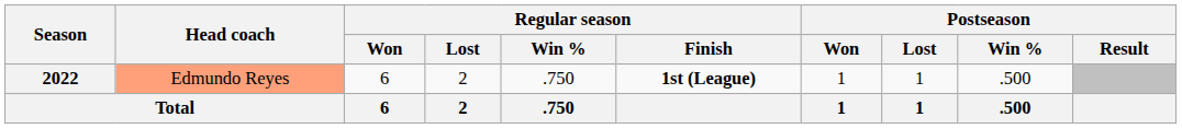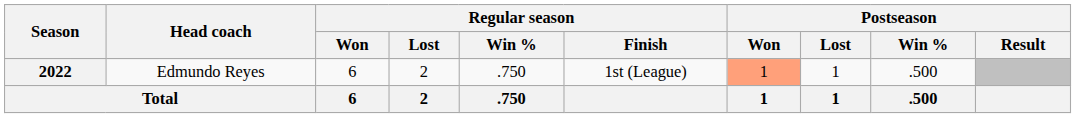 <table class="wikitable" style="font-size: 95%; text-align:center; width:65em">
 <tr>
 <th rowspan="2">Season</th>
 <th rowspan="2">Head coach</th>
 <th colspan="4">Regular season</th>
 <th colspan="4">Postseason</th>
 </tr>
 <tr>
 <th>Won</th>
 <th>Lost</th>
 <th>Win %</th>
 <th>Finish</th>
 <th>Won</th>
 <th>Lost</th>
 <th>Win %</th>
 <th>Result</th>
 </tr>
 <tr>
 <th>2022</th>
-<td style="background: lightsalmon;">Edmundo Reyes</td>
+<td>Edmundo Reyes</td>
 <td>6</td>
 <td>2</td>
 <td>.750</td>
-<td><strong>1st (League)</strong></td>
-<td>1</td>
+<td>1st (League)</td>
+<td style="background: lightsalmon;">1</td>
 <td>1</td>
 <td>.500</td>
 <td bgcolor=silver></td>
 </tr>
 <tr>
 <th colspan="2">Total</th>
 <th>6</th>
 <th>2</th>
 <th>.750</th>
 <th></th>
 <th>1</th>
 <th>1</th>
 <th>.500</th>
 <th></th>
 </tr>
 </table>
